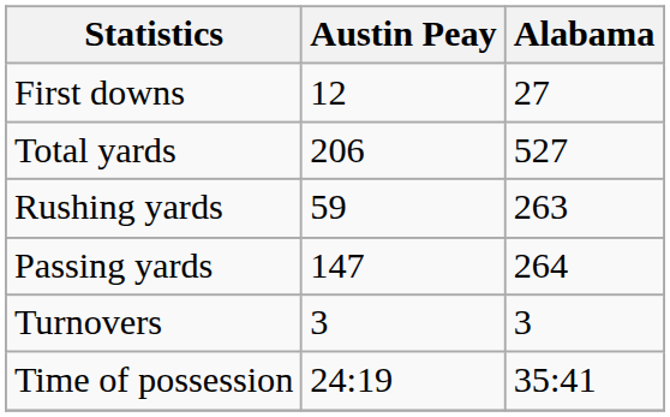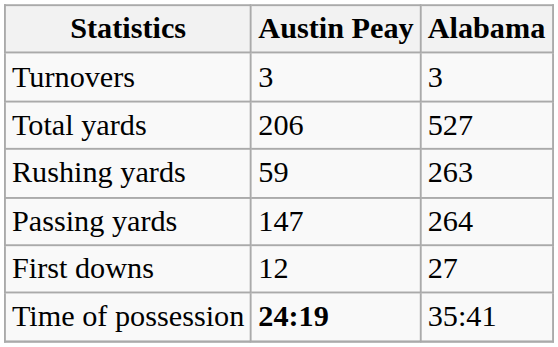 <table class="wikitable" style="float: left;">
 <tr>
 <th>Statistics</th>
 <th>Austin Peay</th>
 <th>Alabama</th>
 </tr>
 <tr>
-<td>First downs</td>
-<td>12</td>
-<td>27</td>
+<td>Turnovers</td>
+<td>3</td>
+<td>3</td>
 </tr>
 <tr>
 <td>Total yards</td>
 <td>206</td>
 <td>527</td>
 </tr>
 <tr>
 <td>Rushing yards</td>
 <td>59</td>
 <td>263</td>
 </tr>
 <tr>
 <td>Passing yards</td>
 <td>147</td>
 <td>264</td>
 </tr>
 <tr>
-<td>Turnovers</td>
-<td>3</td>
-<td>3</td>
+<td>First downs</td>
+<td>12</td>
+<td>27</td>
 </tr>
 <tr>
 <td>Time of possession</td>
-<td>24:19</td>
+<td><strong>24:19</strong></td>
 <td>35:41</td>
 </tr>
 <tr>
 </tr>
 </table>
